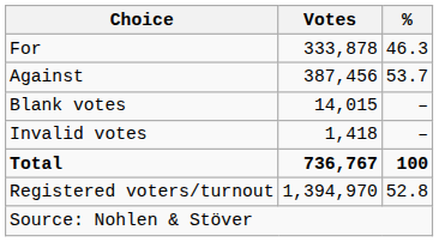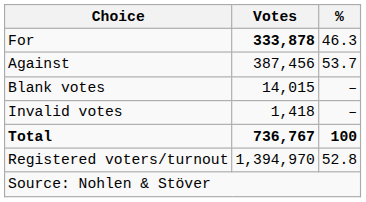 <table class=wikitable style=text-align:right>
 <tr>
 <th>Choice</th>
 <th>Votes</th>
 <th>%</th>
 </tr>
 <tr>
 <td align=left>For</td>
-<td>333,878</td>
+<td><strong>333,878</strong></td>
 <td>46.3</td>
 </tr>
 <tr>
 <td align=left>Against</td>
 <td>387,456</td>
 <td>53.7</td>
 </tr>
 <tr>
 <td align=left>Blank votes</td>
 <td>14,015</td>
 <td>–</td>
 </tr>
 <tr>
 <td align=left>Invalid votes</td>
 <td>1,418</td>
 <td>–</td>
 </tr>
 <tr>
 <td align=left><strong>Total</strong></td>
 <td><strong>736,767</strong></td>
 <td><strong>100</strong></td>
 </tr>
 <tr>
 <td align=left>Registered voters/turnout</td>
 <td>1,394,970</td>
 <td>52.8</td>
 </tr>
 <tr>
 <td align=left colspan=6>Source: Nohlen & Stöver</td>
 </tr>
 </table>
